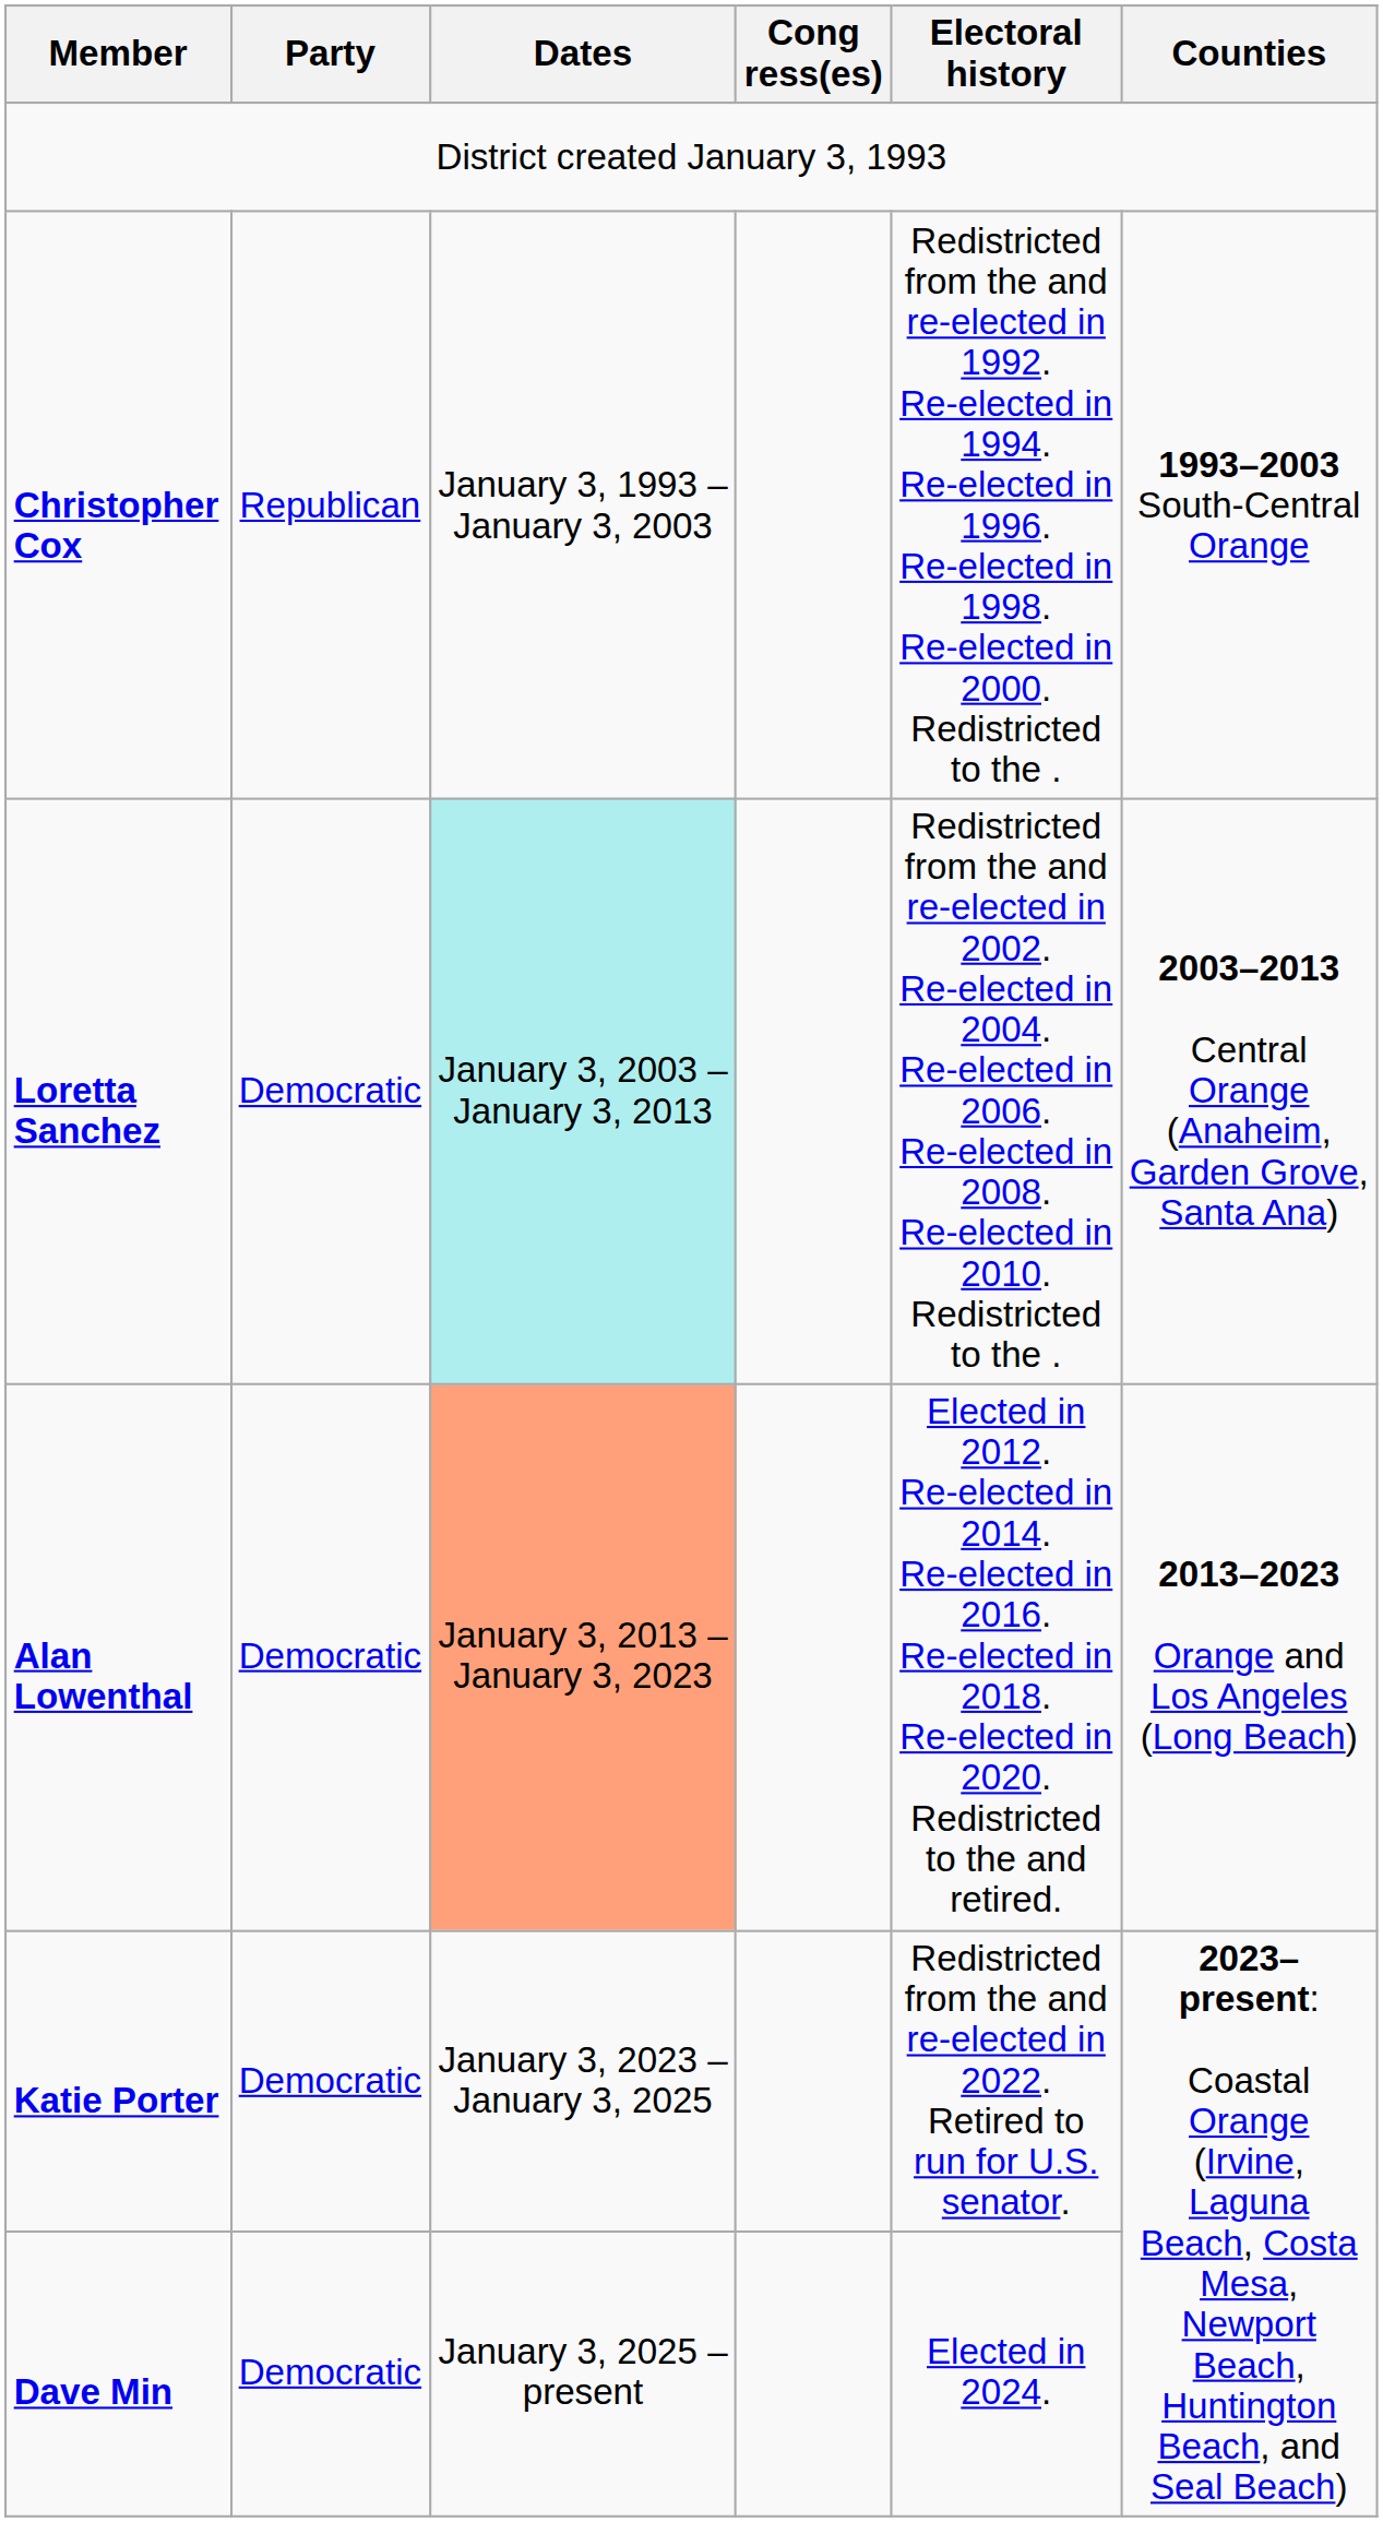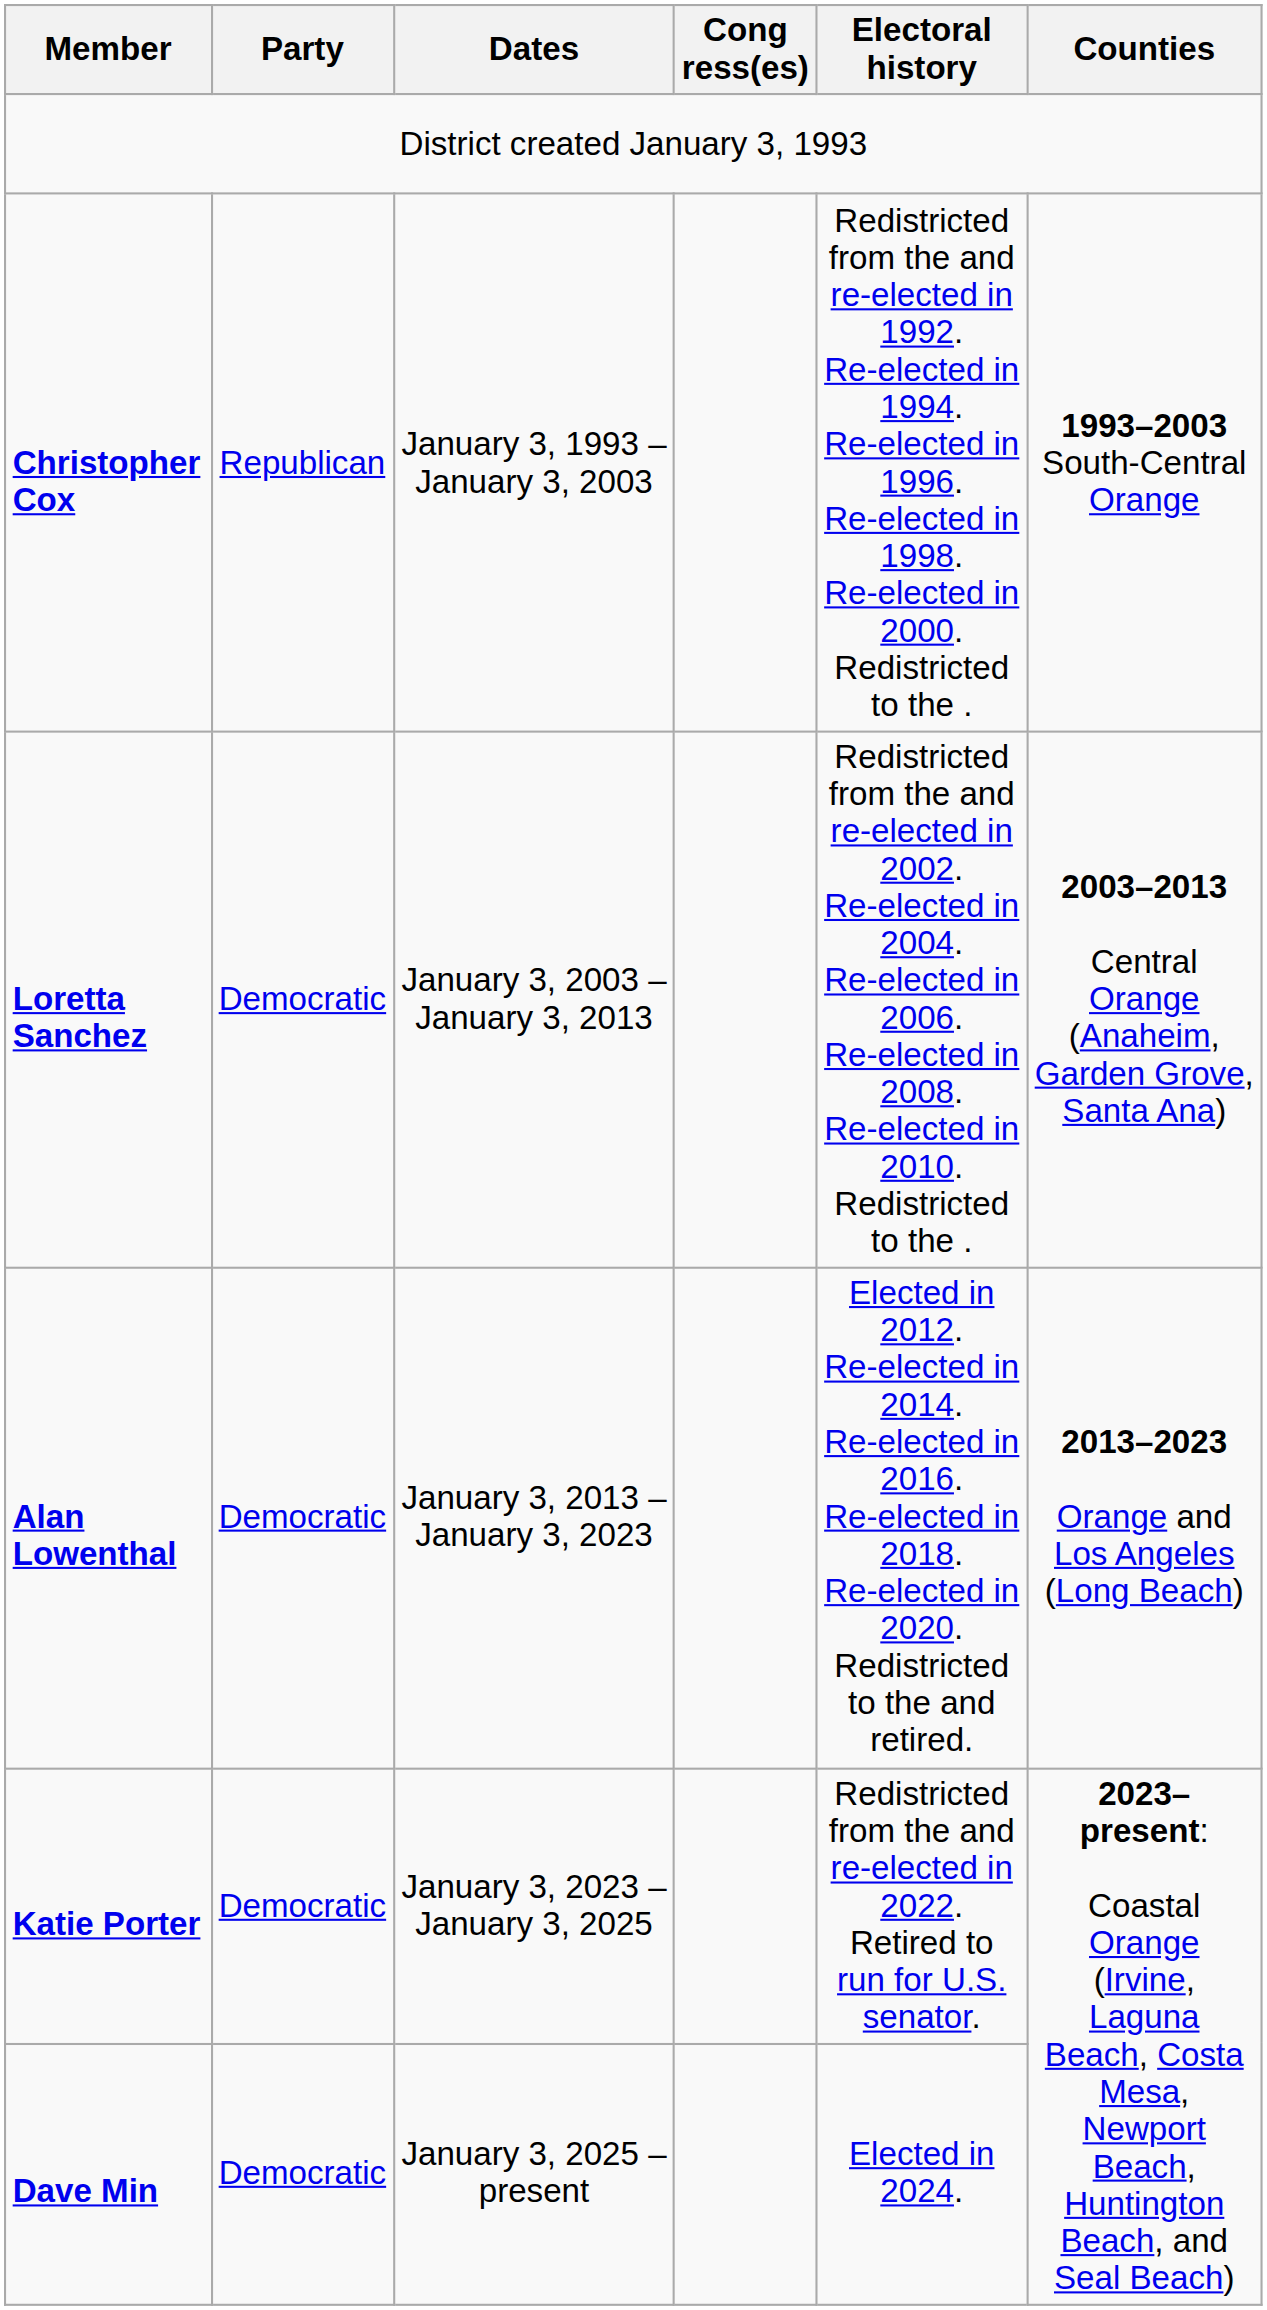 <table class=wikitable style="text-align:center">
 <tr>
 <th>Member</th>
 <th>Party</th>
 <th>Dates</th>
 <th>Cong<br>ress(es)</th>
 <th>Electoral history</th>
 <th>Counties</th>
 </tr>
 <tr style="height:3em">
 <td colspan=6>District created January 3, 1993</td>
 </tr>
 <tr style="height:3em">
 <td align=left><br><strong><a href='#'>Christopher Cox</a></strong><br></td>
 <td><a href='#'>Republican</a></td>
 <td nowrap>January 3, 1993 –<br>January 3, 2003</td>
 <td></td>
 <td>Redistricted from the  and <a href='#'>re-elected in 1992</a>.<br><a href='#'>Re-elected in 1994</a>.<br><a href='#'>Re-elected in 1996</a>.<br><a href='#'>Re-elected in 1998</a>.<br><a href='#'>Re-elected in 2000</a>.<br>Redistricted to the .</td>
 <td><strong>1993–2003</strong><br>South-Central <a href='#'>Orange</a></td>
 </tr>
 <tr style="height:3em">
 <td align=left><br><strong><a href='#'>Loretta Sanchez</a></strong><br></td>
 <td><a href='#'>Democratic</a></td>
-<td nowrap style="background: paleturquoise;">January 3, 2003 –<br>January 3, 2013</td>
+<td nowrap>January 3, 2003 –<br>January 3, 2013</td>
 <td></td>
 <td>Redistricted from the  and <a href='#'>re-elected in 2002</a>.<br><a href='#'>Re-elected in 2004</a>.<br><a href='#'>Re-elected in 2006</a>.<br><a href='#'>Re-elected in 2008</a>.<br><a href='#'>Re-elected in 2010</a>.<br>Redistricted to the .</td>
 <td><strong>2003–2013</strong><br><br>Central <a href='#'>Orange</a> (<a href='#'>Anaheim</a>, <a href='#'>Garden Grove</a>, <a href='#'>Santa Ana</a>)</td>
 </tr>
 <tr style="height:3em">
 <td align=left><br><strong><a href='#'>Alan Lowenthal</a></strong><br></td>
 <td><a href='#'>Democratic</a></td>
-<td nowrap style="background: lightsalmon;">January 3, 2013 –<br>January 3, 2023</td>
+<td nowrap>January 3, 2013 –<br>January 3, 2023</td>
 <td></td>
 <td><a href='#'>Elected in 2012</a>.<br><a href='#'>Re-elected in 2014</a>.<br><a href='#'>Re-elected in 2016</a>.<br><a href='#'>Re-elected in 2018</a>.<br><a href='#'>Re-elected in 2020</a>.<br>Redistricted to the  and retired.</td>
 <td><strong>2013–2023</strong><br><br><a href='#'>Orange</a> and <a href='#'>Los Angeles</a> (<a href='#'>Long Beach</a>)</td>
 </tr>
 <tr style="height:3em">
 <td align=left><br><strong><a href='#'>Katie Porter</a></strong><br></td>
 <td><a href='#'>Democratic</a></td>
 <td nowrap>January 3, 2023 –<br>January 3, 2025</td>
 <td></td>
 <td>Redistricted from the  and <a href='#'>re-elected in 2022</a>.<br>Retired to <a href='#'>run for U.S. senator</a>.</td>
 <td rowspan="2"><strong>2023–present</strong>:<br><br> Coastal <a href='#'>Orange</a> (<a href='#'>Irvine</a>, <a href='#'>Laguna Beach</a>, <a href='#'>Costa Mesa</a>, <a href='#'>Newport Beach</a>, <a href='#'>Huntington Beach</a>, and <a href='#'>Seal Beach</a>)</td>
 </tr>
 <tr>
 <td align=left><br><strong><a href='#'>Dave Min</a></strong><br></td>
 <td><a href='#'>Democratic</a></td>
 <td nowrap>January 3, 2025 –<br>present</td>
 <td></td>
 <td><a href='#'>Elected in 2024</a>.</td>
 </tr>
 </table>
